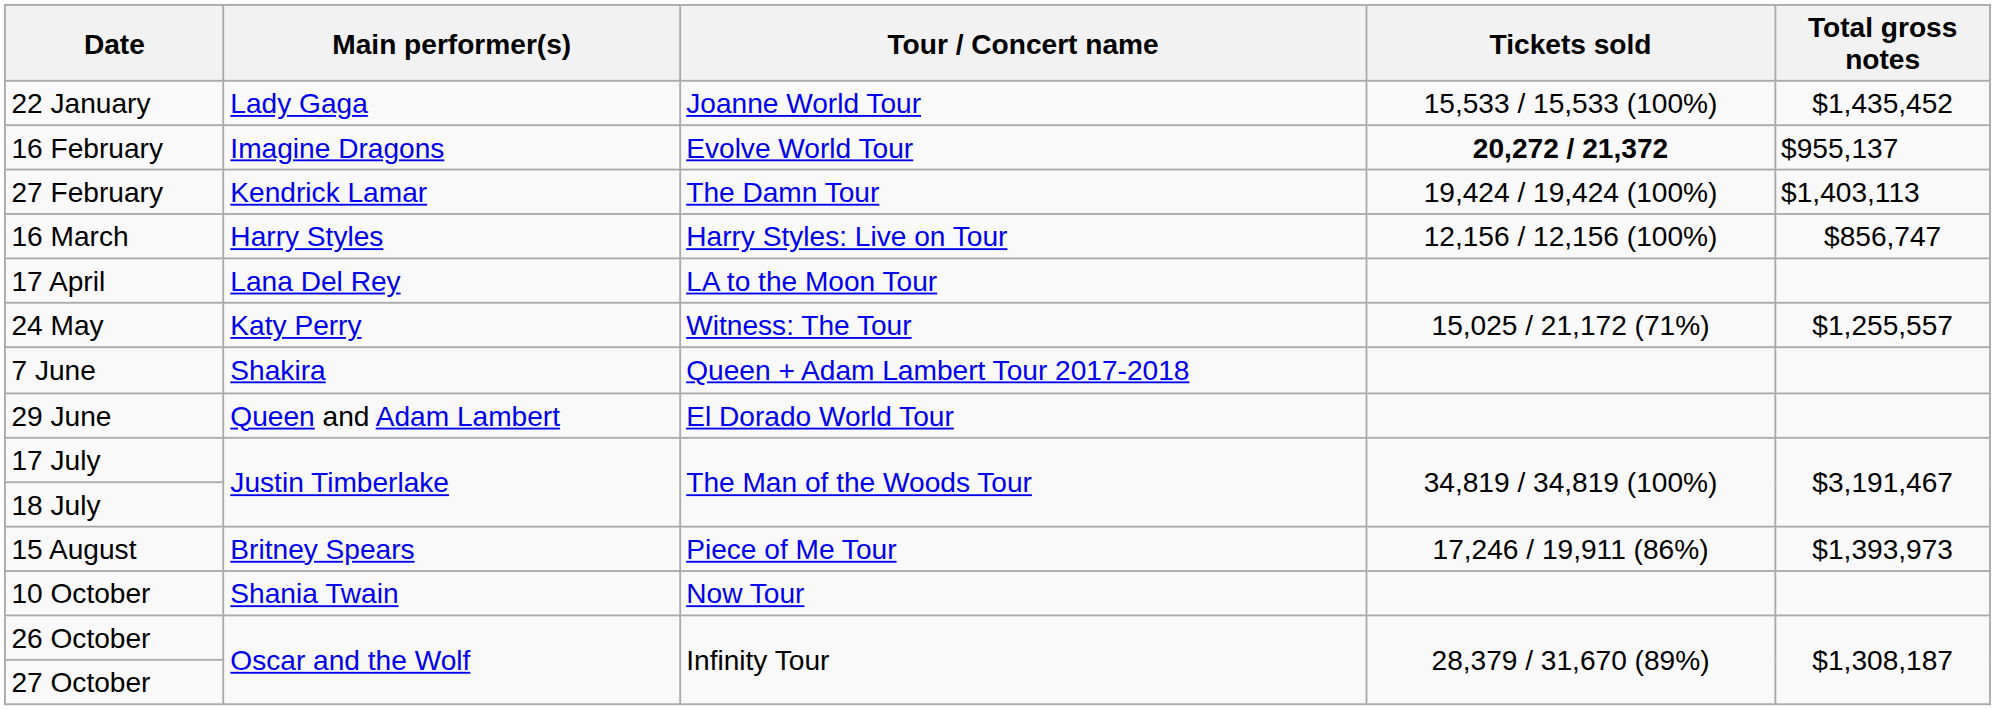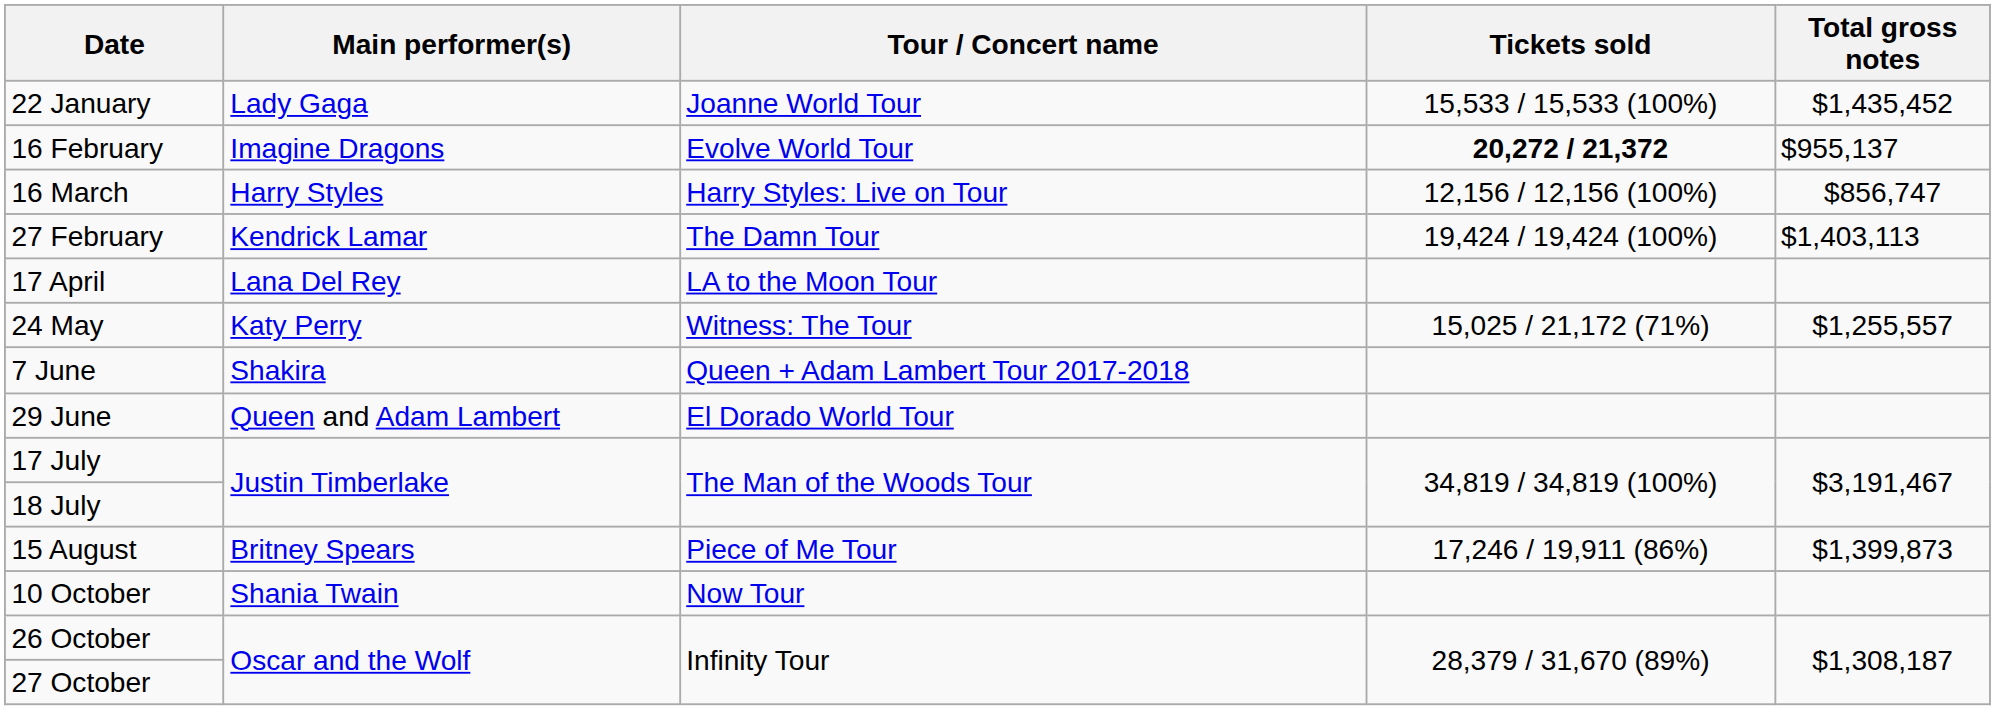 <table class="wikitable"  style="text-align:left; font-size:95%; width:85%;">
 <tr>
 <th style="text-align:center;">Date</th>
 <th style="text-align:center;">Main performer(s)</th>
 <th style="text-align:center;">Tour / Concert name</th>
 <th style="text-align:center;">Tickets sold</th>
 <th style="text-align:center;">Total gross<br>notes</th>
 </tr>
 <tr>
 <td>22 January</td>
 <td><a href='#'>Lady Gaga</a></td>
 <td><a href='#'>Joanne World Tour</a></td>
 <td style="text-align:center;">15,533 / 15,533 (100%)</td>
 <td style="text-align:center;">$1,435,452</td>
 </tr>
 <tr>
 <td>16 February</td>
 <td><a href='#'>Imagine Dragons</a></td>
 <td><a href='#'>Evolve World Tour</a></td>
 <td style="text-align:center;"><strong>20,272 / 21,372</strong></td>
 <td>$955,137</td>
 </tr>
 <tr>
+<td>16 March</td>
+<td><a href='#'>Harry Styles</a></td>
+<td><a href='#'>Harry Styles: Live on Tour</a></td>
+<td style="text-align:center;">12,156 / 12,156 (100%)</td>
+<td style="text-align:center;">$856,747</td>
+</tr>
+<tr>
 <td>27 February</td>
 <td><a href='#'>Kendrick Lamar</a></td>
 <td><a href='#'>The Damn Tour</a></td>
 <td style="text-align:center;">19,424 / 19,424 (100%)</td>
 <td>$1,403,113</td>
-</tr>
-<tr>
-<td>16 March</td>
-<td><a href='#'>Harry Styles</a></td>
-<td><a href='#'>Harry Styles: Live on Tour</a></td>
-<td style="text-align:center;">12,156 / 12,156 (100%)</td>
-<td style="text-align:center;">$856,747</td>
 </tr>
 <tr>
 <td>17 April</td>
 <td><a href='#'>Lana Del Rey</a></td>
 <td><a href='#'>LA to the Moon Tour</a></td>
 <td></td>
 <td></td>
 </tr>
 <tr>
 <td>24 May</td>
 <td><a href='#'>Katy Perry</a></td>
 <td><a href='#'>Witness: The Tour</a></td>
 <td style="text-align:center;">15,025 / 21,172 (71%)</td>
 <td style="text-align:center;">$1,255,557</td>
 </tr>
 <tr>
 <td>7 June</td>
 <td><a href='#'>Shakira</a></td>
 <td><a href='#'>Queen + Adam Lambert Tour 2017-2018</a></td>
 <td style="text-align:center;"></td>
 <td style="text-align:center;"></td>
 </tr>
 <tr>
 <td>29 June</td>
 <td><a href='#'>Queen</a> and <a href='#'>Adam Lambert</a></td>
 <td><a href='#'>El Dorado World Tour</a></td>
 <td></td>
 <td></td>
 </tr>
 <tr>
 <td>17 July</td>
 <td rowspan="2"><a href='#'>Justin Timberlake</a></td>
 <td rowspan="2"><a href='#'>The Man of the Woods Tour</a></td>
 <td rowspan="2" style="text-align:center;">34,819 / 34,819 (100%)</td>
 <td rowspan="2" style="text-align:center;">$3,191,467</td>
 </tr>
 <tr>
 <td>18 July</td>
 </tr>
 <tr>
 <td>15 August</td>
 <td><a href='#'>Britney Spears</a></td>
 <td><a href='#'>Piece of Me Tour</a></td>
 <td style="text-align:center;">17,246 / 19,911 (86%)</td>
-<td style="text-align:center;">$1,393,973</td>
+<td style="text-align:center;">$1,399,873</td>
 </tr>
 <tr>
 <td>10 October</td>
 <td><a href='#'>Shania Twain</a></td>
 <td><a href='#'>Now Tour</a></td>
 <td></td>
 <td></td>
 </tr>
 <tr>
 <td>26 October</td>
 <td rowspan="2"><a href='#'>Oscar and the Wolf</a></td>
 <td rowspan="2">Infinity Tour</td>
 <td rowspan="2" style="text-align:center;">28,379 / 31,670 (89%)</td>
 <td rowspan="2" style="text-align:center;">$1,308,187</td>
 </tr>
 <tr>
 <td>27 October</td>
 </tr>
 </table>
